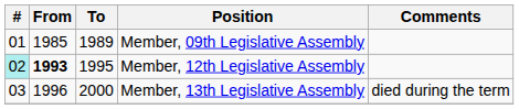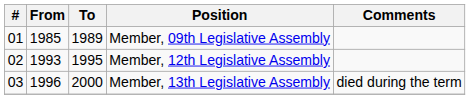 <table class="wikitable sortable">
 <tr>
 <th>#</th>
 <th>From</th>
 <th>To</th>
 <th>Position</th>
 <th>Comments</th>
 </tr>
 <tr>
 <td>01</td>
 <td>1985</td>
 <td>1989</td>
 <td>Member, <a href='#'>09th Legislative Assembly</a></td>
 <td></td>
 </tr>
 <tr>
-<td style="background: paleturquoise;">02</td>
-<td><strong>1993</strong></td>
+<td>02</td>
+<td>1993</td>
 <td>1995</td>
 <td>Member, <a href='#'>12th Legislative Assembly</a></td>
 <td></td>
 </tr>
 <tr>
 <td>03</td>
 <td>1996</td>
 <td>2000</td>
 <td>Member, <a href='#'>13th Legislative Assembly</a></td>
 <td>died during the term</td>
 </tr>
 <tr>
 </tr>
 </table>
